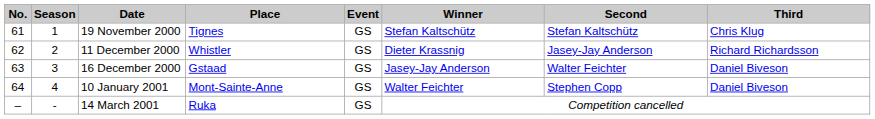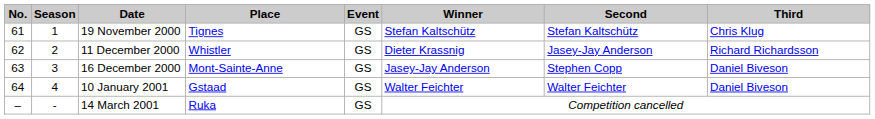 <table class="wikitable plainrowheaders" style="background:#fff; font-size:86%; border:grey solid 1px; border-collapse:collapse;">
 <tr style="background:#ccc; text-align:center;">
 <th scope="col" style="background:#ccc; width:25px;">No.</th>
 <th scope="col" style="background:#ccc; width:30px;">Season</th>
 <th scope="col" style="background:#ccc; width:120px;">Date</th>
 <th scope="col" style="background:#ccc; width:180px;">Place</th>
 <th scope="col" style="background:#ccc; width:15px;">Event</th>
 <th scope="col" style="background:#ccc; width:185px;">Winner</th>
 <th scope="col" style="background:#ccc; width:185px;">Second</th>
 <th scope="col" style="background:#ccc; width:185px;">Third</th>
 </tr>
 <tr>
 <td align=center>61</td>
 <td align=center>1</td>
 <td>19 November 2000</td>
 <td> <a href='#'>Tignes</a></td>
 <td align=center>GS</td>
 <td> <a href='#'>Stefan Kaltschütz</a></td>
 <td> <a href='#'>Stefan Kaltschütz</a></td>
 <td> <a href='#'>Chris Klug</a></td>
 </tr>
 <tr>
 <td align=center>62</td>
 <td align=center>2</td>
 <td>11 December 2000</td>
 <td> <a href='#'>Whistler</a></td>
 <td align=center>GS</td>
 <td> <a href='#'>Dieter Krassnig</a></td>
 <td> <a href='#'>Jasey-Jay Anderson</a></td>
 <td> <a href='#'>Richard Richardsson</a></td>
 </tr>
 <tr>
 <td align=center>63</td>
 <td align=center>3</td>
 <td>16 December 2000</td>
-<td> <a href='#'>Gstaad</a></td>
+<td> <a href='#'>Mont-Sainte-Anne</a></td>
 <td align=center>GS</td>
 <td> <a href='#'>Jasey-Jay Anderson</a></td>
-<td> <a href='#'>Walter Feichter</a></td>
+<td> <a href='#'>Stephen Copp</a></td>
 <td> <a href='#'>Daniel Biveson</a></td>
 </tr>
 <tr>
 <td align=center>64</td>
 <td align=center>4</td>
 <td>10 January 2001</td>
-<td> <a href='#'>Mont-Sainte-Anne</a></td>
+<td> <a href='#'>Gstaad</a></td>
 <td align=center>GS</td>
 <td> <a href='#'>Walter Feichter</a></td>
-<td> <a href='#'>Stephen Copp</a></td>
+<td> <a href='#'>Walter Feichter</a></td>
 <td> <a href='#'>Daniel Biveson</a></td>
 </tr>
 <tr>
 <td align=center>–</td>
 <td align=center>-</td>
 <td>14 March 2001</td>
 <td> <a href='#'>Ruka</a></td>
 <td align=center>GS</td>
 <td colspan=3 align=center><em>Competition cancelled</em></td>
 </tr>
 </table>
